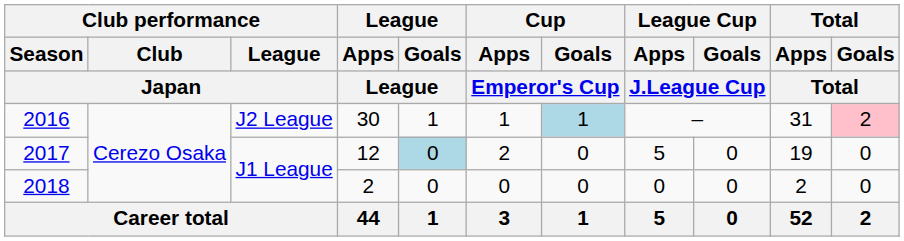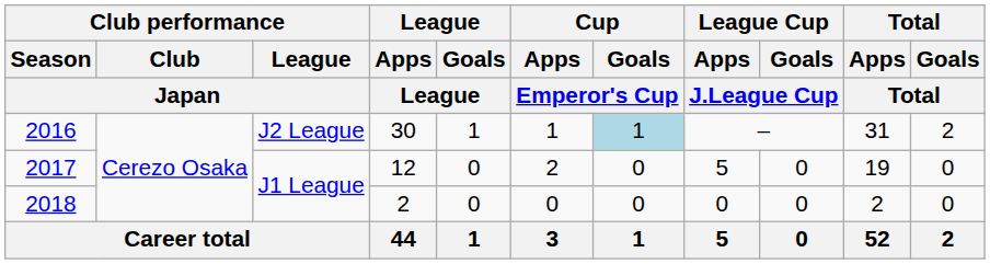 <table class="wikitable" style="text-align:center">
 <tr>
 <th colspan=3>Club performance</th>
 <th colspan=2>League</th>
 <th colspan=2>Cup</th>
 <th colspan=2>League Cup</th>
 <th colspan=2>Total</th>
 </tr>
 <tr>
 <th>Season</th>
 <th>Club</th>
 <th>League</th>
 <th>Apps</th>
 <th>Goals</th>
 <th>Apps</th>
 <th>Goals</th>
 <th>Apps</th>
 <th>Goals</th>
 <th>Apps</th>
 <th>Goals</th>
 </tr>
 <tr>
 <th colspan=3>Japan</th>
 <th colspan=2>League</th>
 <th colspan=2><a href='#'>Emperor's Cup</a></th>
 <th colspan=2><a href='#'>J.League Cup</a></th>
 <th colspan=2>Total</th>
 </tr>
 <tr>
 <td><a href='#'>2016</a></td>
 <td rowspan=3><a href='#'>Cerezo Osaka</a></td>
 <td><a href='#'>J2 League</a></td>
 <td>30</td>
 <td>1</td>
 <td>1</td>
 <td style="background: lightblue;">1</td>
 <td colspan="2">–</td>
 <td>31</td>
-<td style="background: pink;">2</td>
+<td>2</td>
 </tr>
 <tr>
 <td><a href='#'>2017</a></td>
 <td rowspan=2><a href='#'>J1 League</a></td>
 <td>12</td>
-<td style="background: lightblue;">0</td>
+<td>0</td>
 <td>2</td>
 <td>0</td>
 <td>5</td>
 <td>0</td>
 <td>19</td>
 <td>0</td>
 </tr>
 <tr>
 <td><a href='#'>2018</a></td>
 <td>2</td>
 <td>0</td>
 <td>0</td>
 <td>0</td>
 <td>0</td>
 <td>0</td>
 <td>2</td>
 <td>0</td>
 </tr>
 <tr>
 <th colspan=3>Career total</th>
 <th>44</th>
 <th>1</th>
 <th>3</th>
 <th>1</th>
 <th>5</th>
 <th>0</th>
 <th>52</th>
 <th>2</th>
 </tr>
 </table>
